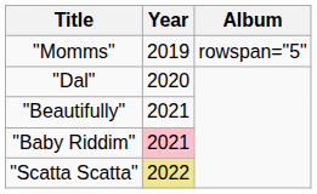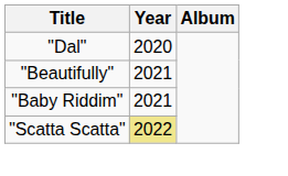 <table class="wikitable plainrowheaders" style="text-align:center;">
 <tr>
 <th rowspan="1" scope="col">Title</th>
 <th rowspan="1" scope="col">Year</th>
 <th rowspan="1" scope="col">Album</th>
-</tr>
-<tr>
-<td>"Momms"</td>
-<td>2019</td>
-<td>rowspan="5" </td>
 </tr>
 <tr>
 <td>"Dal"</td>
 <td>2020</td>
 </tr>
 <tr>
 <td>"Beautifully"</td>
 <td>2021</td>
 </tr>
 <tr>
 <td>"Baby Riddim"</td>
-<td style="background: pink;">2021</td>
+<td>2021</td>
 </tr>
 <tr>
 <td>"Scatta Scatta"</td>
 <td style="background: khaki;">2022</td>
 </tr>
 </table>
